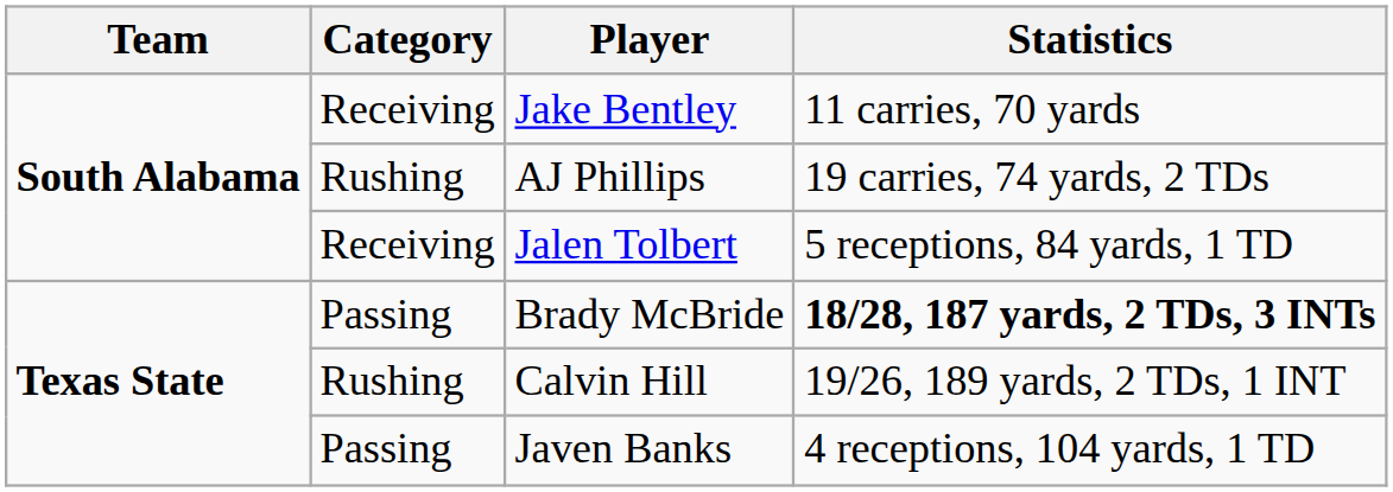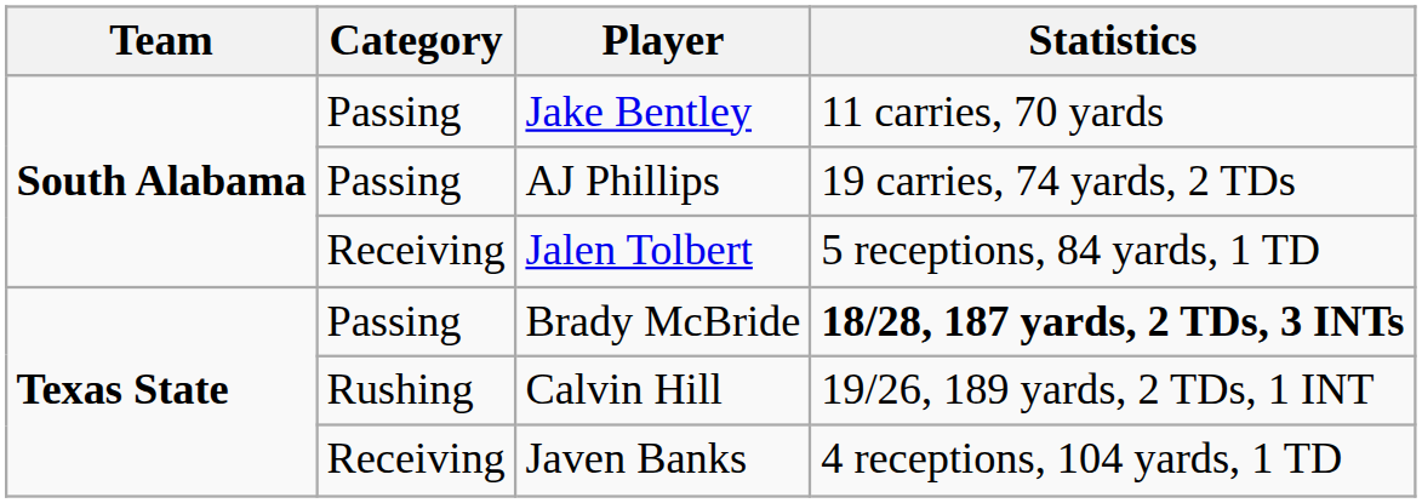 <table class="wikitable" style="float: left;">
 <tr>
 <th>Team</th>
 <th>Category</th>
 <th>Player</th>
 <th>Statistics</th>
 </tr>
 <tr>
 <td rowspan=3><strong>South Alabama</strong></td>
-<td>Receiving</td>
+<td>Passing</td>
 <td><a href='#'>Jake Bentley</a></td>
 <td>11 carries, 70 yards</td>
 </tr>
 <tr>
-<td>Rushing</td>
+<td>Passing</td>
 <td>AJ Phillips</td>
 <td>19 carries, 74 yards, 2 TDs</td>
 </tr>
 <tr>
 <td>Receiving</td>
 <td><a href='#'>Jalen Tolbert</a></td>
 <td>5 receptions, 84 yards, 1 TD</td>
 </tr>
 <tr>
 <td rowspan=3><strong>Texas State</strong></td>
 <td>Passing</td>
 <td>Brady McBride</td>
 <td><strong>18/28, 187 yards, 2 TDs, 3 INTs</strong></td>
 </tr>
 <tr>
 <td>Rushing</td>
 <td>Calvin Hill</td>
 <td>19/26, 189 yards, 2 TDs, 1 INT</td>
 </tr>
 <tr>
-<td>Passing</td>
+<td>Receiving</td>
 <td>Javen Banks</td>
 <td>4 receptions, 104 yards, 1 TD</td>
 </tr>
 </table>
